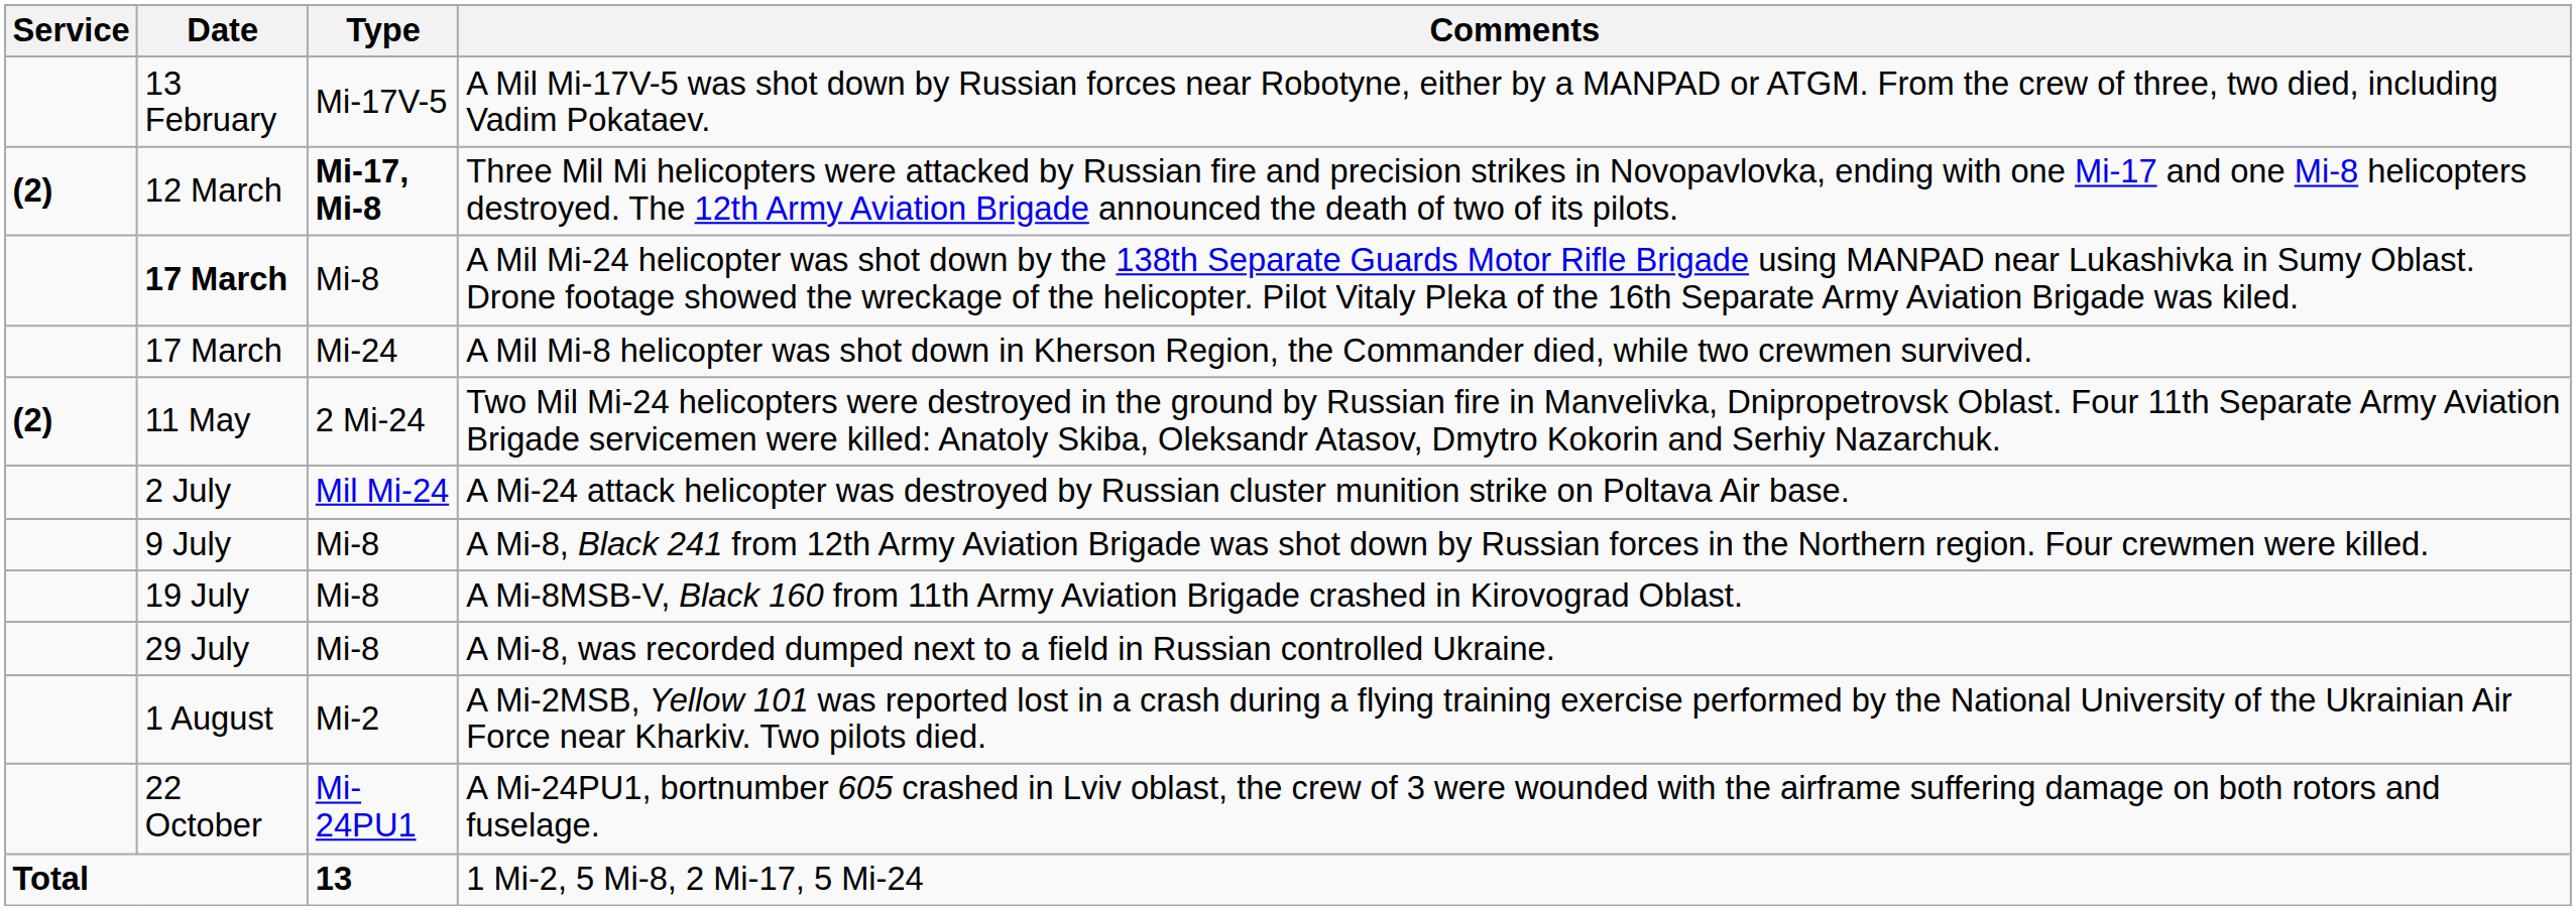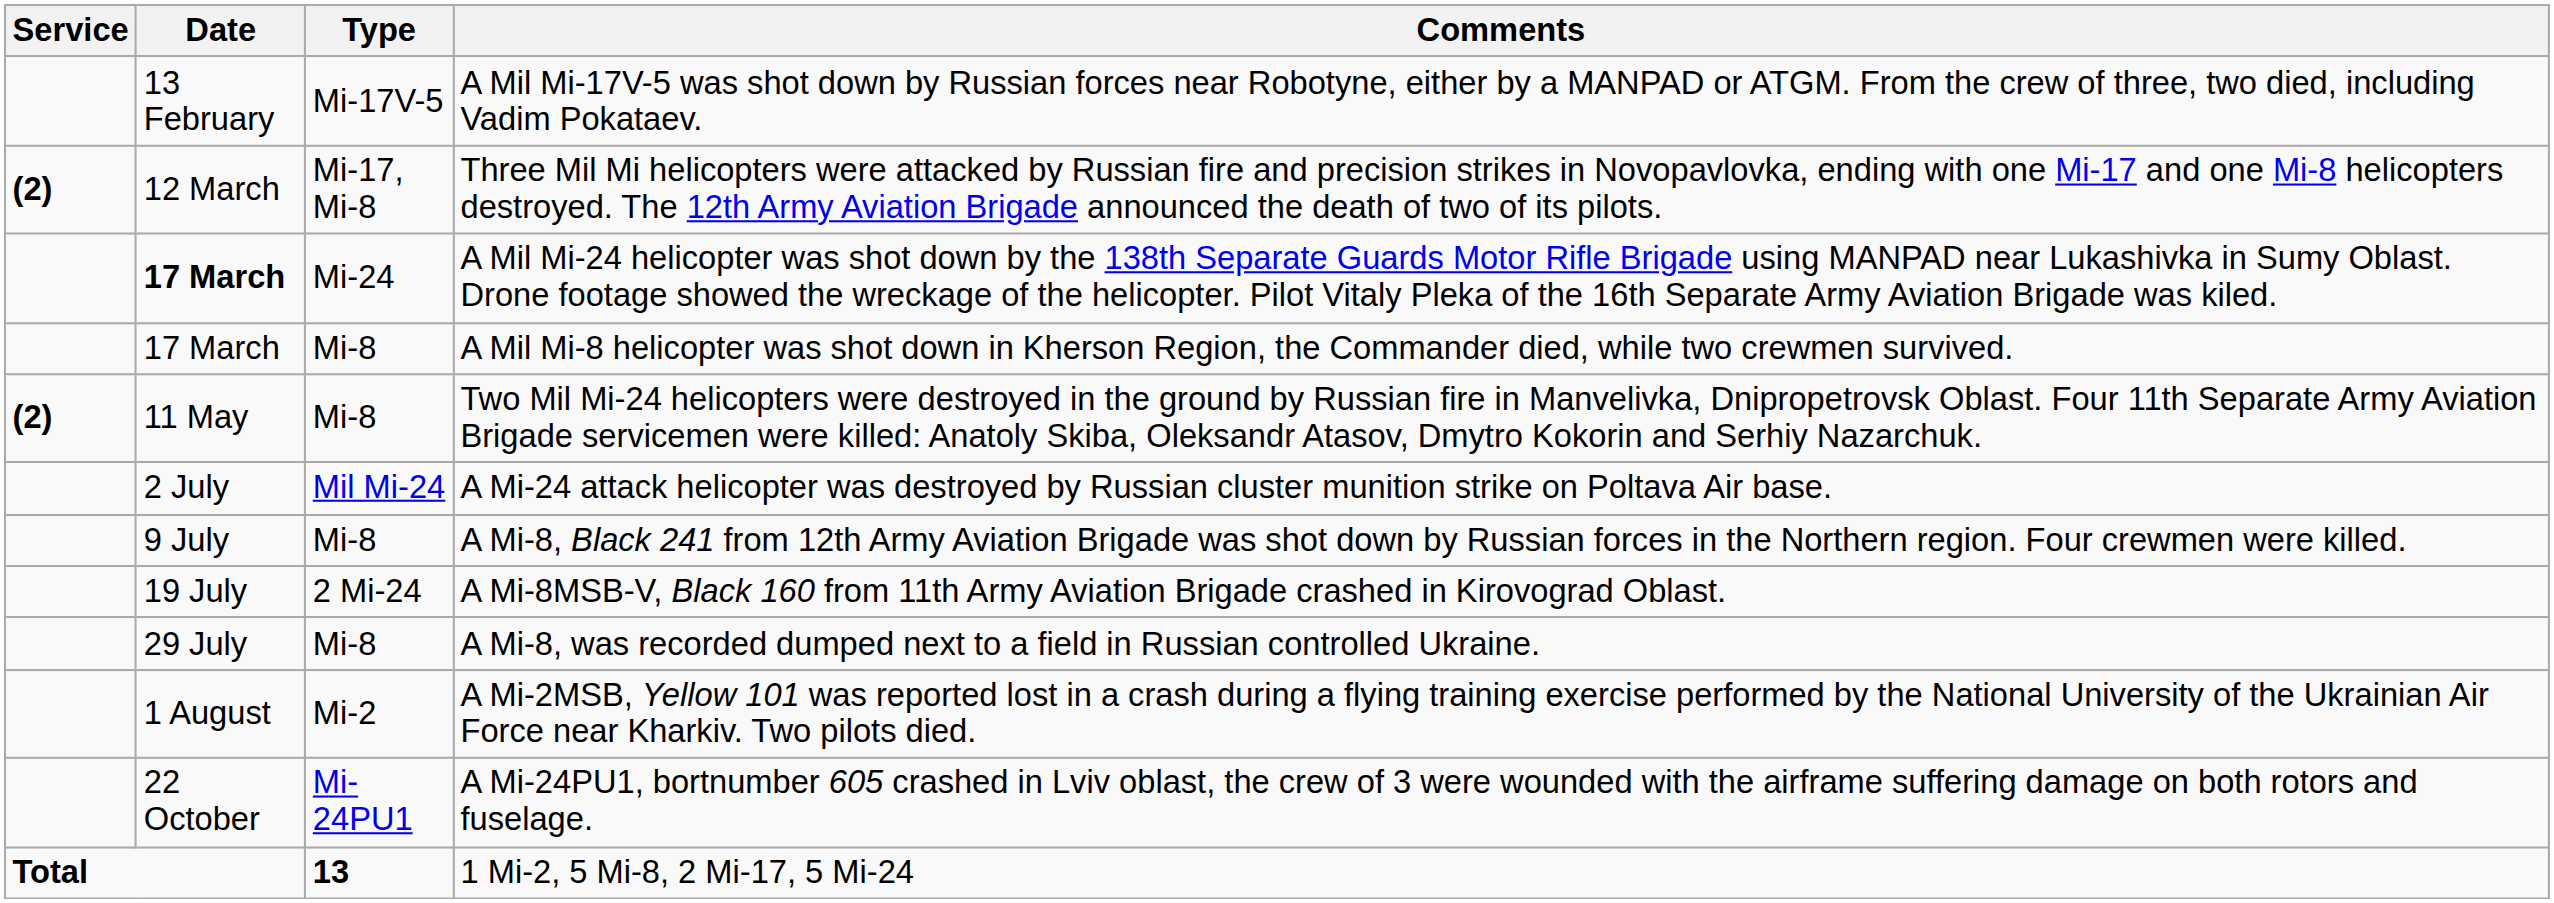 <table class="wikitable">
 <tr>
 <th>Service</th>
 <th>Date</th>
 <th>Type</th>
 <th>Comments</th>
 </tr>
 <tr>
 <td></td>
 <td>13 February</td>
 <td>Mi-17V-5</td>
 <td>A Mil Mi-17V-5 was shot down by Russian forces near Robotyne, either by a MANPAD or ATGM. From the crew of three, two died, including Vadim Pokataev.</td>
 </tr>
 <tr>
 <td> <strong>(2)</strong></td>
 <td>12 March</td>
-<td><strong>Mi-17, Mi-8</strong></td>
+<td>Mi-17, Mi-8</td>
 <td>Three Mil Mi helicopters were attacked by Russian fire and precision strikes in Novopavlovka, ending with one <a href='#'>Mi-17</a> and one <a href='#'>Mi-8</a> helicopters destroyed. The <a href='#'>12th Army Aviation Brigade</a> announced the death of two of its pilots.</td>
 </tr>
 <tr>
 <td></td>
 <td><strong>17 March</strong></td>
-<td>Mi-8</td>
+<td>Mi-24</td>
 <td>A Mil Mi-24 helicopter was shot down by the <a href='#'>138th Separate Guards Motor Rifle Brigade</a> using MANPAD near Lukashivka in Sumy Oblast. Drone footage showed the wreckage of the helicopter. Pilot Vitaly Pleka of the 16th Separate Army Aviation Brigade was kiled.</td>
 </tr>
 <tr>
 <td></td>
 <td>17 March</td>
-<td>Mi-24</td>
+<td>Mi-8</td>
 <td>A Mil Mi-8 helicopter was shot down in Kherson Region, the Commander died, while two crewmen survived.</td>
 </tr>
 <tr>
 <td> <strong>(2)</strong></td>
 <td>11 May</td>
-<td>2 Mi-24</td>
+<td>Mi-8</td>
 <td>Two Mil Mi-24 helicopters were destroyed in the ground by Russian fire in Manvelivka, Dnipropetrovsk Oblast. Four 11th Separate Army Aviation Brigade servicemen were killed: Anatoly Skiba, Oleksandr Atasov, Dmytro Kokorin and Serhiy Nazarchuk.</td>
 </tr>
 <tr>
 <td></td>
 <td>2 July</td>
 <td><a href='#'>Mil Mi-24</a></td>
 <td>A Mi-24 attack helicopter was destroyed by Russian cluster munition strike on Poltava Air base.</td>
 </tr>
 <tr>
 <td></td>
 <td>9 July</td>
 <td>Mi-8</td>
 <td>A Mi-8, <em>Black 241</em> from 12th Army Aviation Brigade was shot down by Russian forces in the Northern region. Four crewmen were killed.</td>
 </tr>
 <tr>
 <td></td>
 <td>19 July</td>
-<td>Mi-8</td>
+<td>2 Mi-24</td>
 <td>A Mi-8MSB-V, <em>Black 160</em> from 11th Army Aviation Brigade crashed in Kirovograd Oblast.</td>
 </tr>
 <tr>
 <td></td>
 <td>29 July</td>
 <td>Mi-8</td>
 <td>A Mi-8, was recorded dumped next to a field in Russian controlled Ukraine.</td>
 </tr>
 <tr>
 <td></td>
 <td>1 August</td>
 <td>Mi-2</td>
 <td>A Mi-2MSB, <em>Yellow 101</em> was reported lost in a crash during a flying training exercise performed by the National University of the Ukrainian Air Force near Kharkiv. Two pilots died.</td>
 </tr>
 <tr>
 <td></td>
 <td>22 October</td>
 <td><a href='#'>Mi-24PU1</a></td>
 <td>A Mi-24PU1, bortnumber <em>605</em> crashed in Lviv oblast, the crew of 3 were wounded with the airframe suffering damage on both rotors and fuselage.</td>
 </tr>
 <tr>
 <td colspan="2"><strong>Total</strong></td>
 <td><strong>13</strong></td>
 <td>1 Mi-2, 5 Mi-8, 2 Mi-17, 5 Mi-24</td>
 </tr>
 </table>
